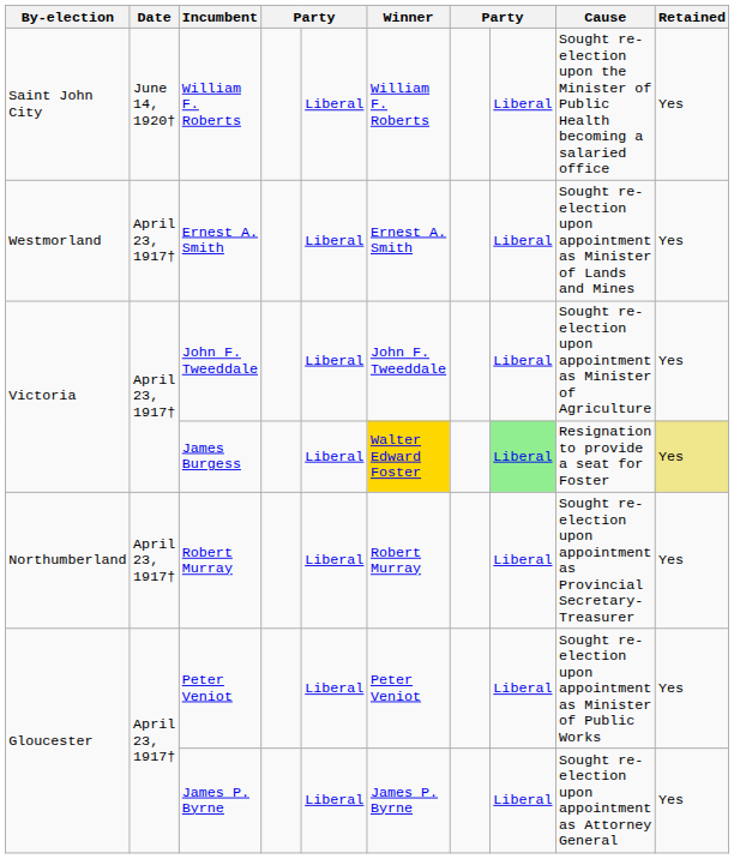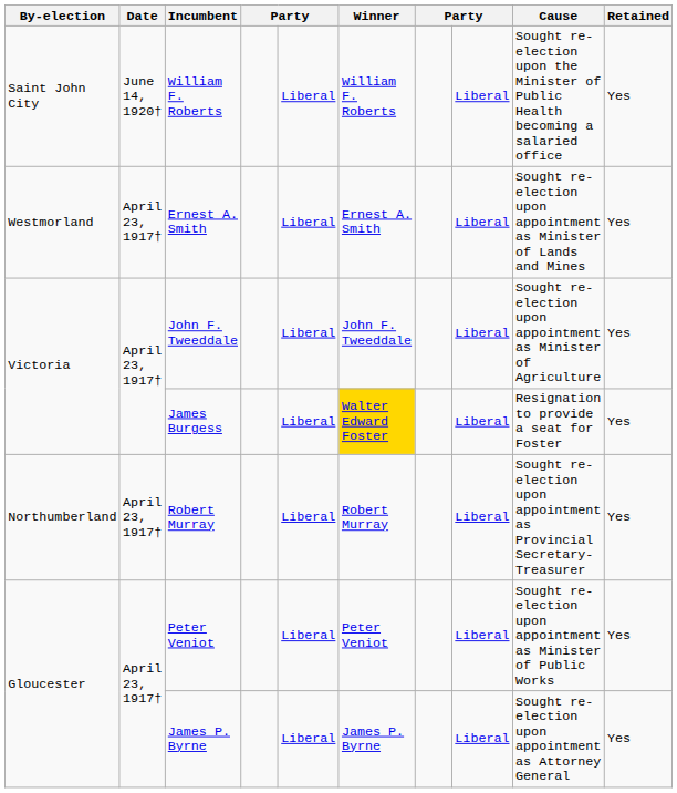 <table class=wikitable style="width:100%">
 <tr>
 <th>By-election</th>
 <th>Date</th>
 <th>Incumbent</th>
 <th colspan=2>Party</th>
 <th>Winner</th>
 <th colspan=2>Party</th>
 <th>Cause</th>
 <th>Retained</th>
 </tr>
 <tr>
 <td>Saint John City</td>
 <td>June 14, 1920†</td>
 <td><a href='#'>William F. Roberts</a></td>
 <td>    </td>
 <td><a href='#'>Liberal</a></td>
 <td><a href='#'>William F. Roberts</a></td>
 <td>    </td>
 <td><a href='#'>Liberal</a></td>
 <td>Sought re-election upon the Minister of Public Health becoming a salaried office</td>
 <td>Yes</td>
 </tr>
 <tr>
 <td>Westmorland</td>
 <td>April 23, 1917†</td>
 <td><a href='#'>Ernest A. Smith</a></td>
 <td>    </td>
 <td><a href='#'>Liberal</a></td>
 <td><a href='#'>Ernest A. Smith</a></td>
 <td>    </td>
 <td><a href='#'>Liberal</a></td>
 <td>Sought re-election upon appointment as Minister of Lands and Mines</td>
 <td>Yes</td>
 </tr>
 <tr>
 <td rowspan=2>Victoria</td>
 <td rowspan=2>April 23, 1917†</td>
 <td><a href='#'>John F. Tweeddale</a></td>
 <td>    </td>
 <td><a href='#'>Liberal</a></td>
 <td><a href='#'>John F. Tweeddale</a></td>
 <td>    </td>
 <td><a href='#'>Liberal</a></td>
 <td>Sought re-election upon appointment as Minister of Agriculture</td>
 <td>Yes</td>
 </tr>
 <tr>
 <td><a href='#'>James Burgess</a></td>
 <td>    </td>
 <td><a href='#'>Liberal</a></td>
 <td style="background: gold;"><a href='#'>Walter Edward Foster</a></td>
 <td>    </td>
-<td style="background: lightgreen;"><a href='#'>Liberal</a></td>
+<td><a href='#'>Liberal</a></td>
 <td>Resignation to provide a seat for Foster</td>
-<td style="background: khaki;">Yes</td>
+<td>Yes</td>
 </tr>
 <tr>
 <td>Northumberland</td>
 <td>April 23, 1917†</td>
 <td><a href='#'>Robert Murray</a></td>
 <td>    </td>
 <td><a href='#'>Liberal</a></td>
 <td><a href='#'>Robert Murray</a></td>
 <td>    </td>
 <td><a href='#'>Liberal</a></td>
 <td>Sought re-election upon appointment as Provincial Secretary-Treasurer</td>
 <td>Yes</td>
 </tr>
 <tr>
 <td rowspan=2>Gloucester</td>
 <td rowspan=2>April 23, 1917†</td>
 <td><a href='#'>Peter Veniot</a></td>
 <td>    </td>
 <td><a href='#'>Liberal</a></td>
 <td><a href='#'>Peter Veniot</a></td>
 <td>    </td>
 <td><a href='#'>Liberal</a></td>
 <td>Sought re-election upon appointment as Minister of Public Works</td>
 <td>Yes</td>
 </tr>
 <tr>
 <td><a href='#'>James P. Byrne</a></td>
 <td>    </td>
 <td><a href='#'>Liberal</a></td>
 <td><a href='#'>James P. Byrne</a></td>
 <td>    </td>
 <td><a href='#'>Liberal</a></td>
 <td>Sought re-election upon appointment as Attorney General</td>
 <td>Yes</td>
 </tr>
 </table>
